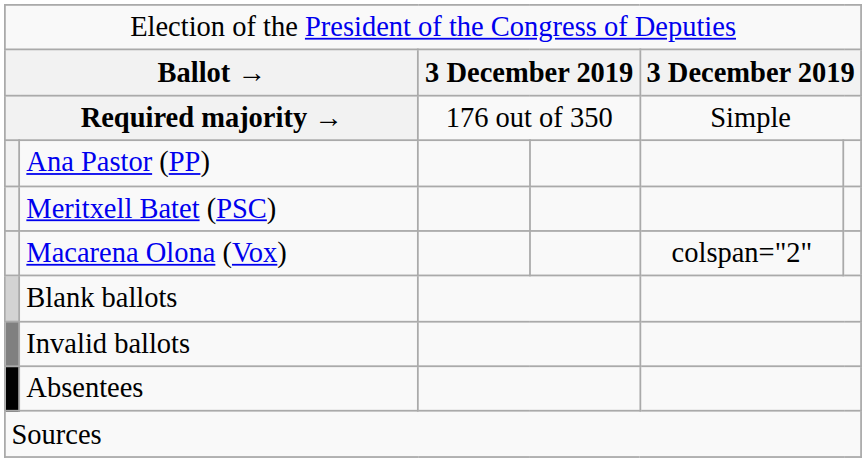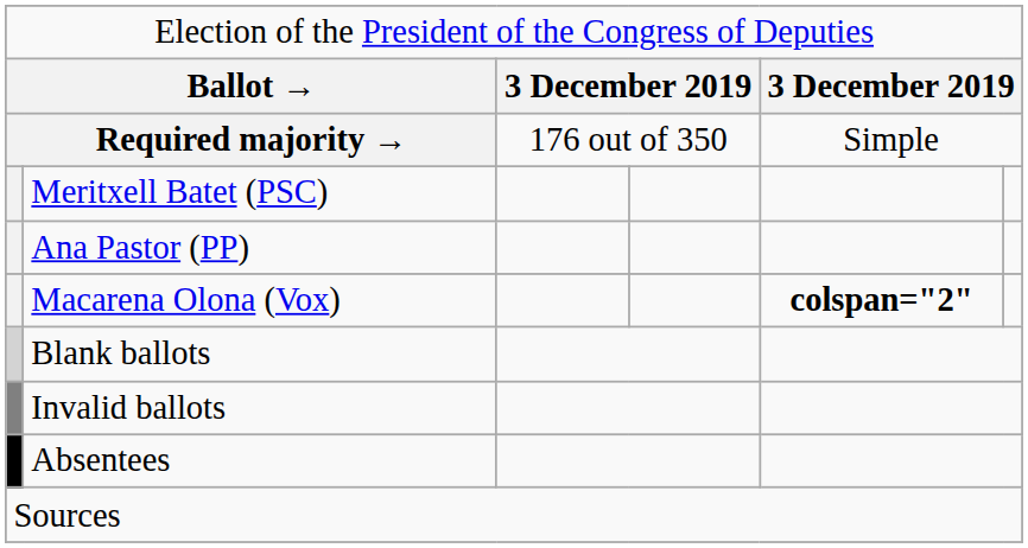 <table class="wikitable" style="text-align:center;">
 <tr>
 <td colspan="6" align="center">Election of the <a href='#'>President of the Congress of Deputies</a></td>
 </tr>
 <tr>
 <th colspan="2" width="225px">Ballot →</th>
 <th colspan="2">3 December 2019</th>
 <th colspan="2">3 December 2019</th>
 </tr>
 <tr>
 <th colspan="2">Required majority →</th>
 <td colspan="2">176 out of 350</td>
 <td colspan="2">Simple</td>
 </tr>
 <tr>
-<th style="background:"></th>
-<td align="left"><a href='#'>Ana Pastor</a> (<a href='#'>PP</a>)</td>
+<th width="1px" style="background:"></th>
+<td align="left"><a href='#'>Meritxell Batet</a> (<a href='#'>PSC</a>)</td>
 <td></td>
 <td></td>
 <td></td>
 <td></td>
 </tr>
 <tr>
-<th width="1px" style="background:"></th>
-<td align="left"><a href='#'>Meritxell Batet</a> (<a href='#'>PSC</a>)</td>
+<th style="background:"></th>
+<td align="left"><a href='#'>Ana Pastor</a> (<a href='#'>PP</a>)</td>
 <td></td>
 <td></td>
 <td></td>
 <td></td>
 </tr>
 <tr>
 <th style="background:"></th>
 <td align="left"><a href='#'>Macarena Olona</a> (<a href='#'>Vox</a>)</td>
 <td></td>
 <td></td>
-<td>colspan="2" </td>
+<td><strong>colspan="2" </strong></td>
 </tr>
 <tr>
 <th style="background:lightgray;"></th>
 <td align="left">Blank ballots</td>
 <td colspan="2"></td>
 <td colspan="2"></td>
 </tr>
 <tr>
 <th style="background:gray;"></th>
 <td align="left">Invalid ballots</td>
 <td colspan="2"></td>
 <td colspan="2"></td>
 </tr>
 <tr>
 <th style="background:black;"></th>
 <td align="left">Absentees</td>
 <td colspan="2"></td>
 <td colspan="2"></td>
 </tr>
 <tr>
 <td align="left" colspan="6">Sources</td>
 </tr>
 </table>
